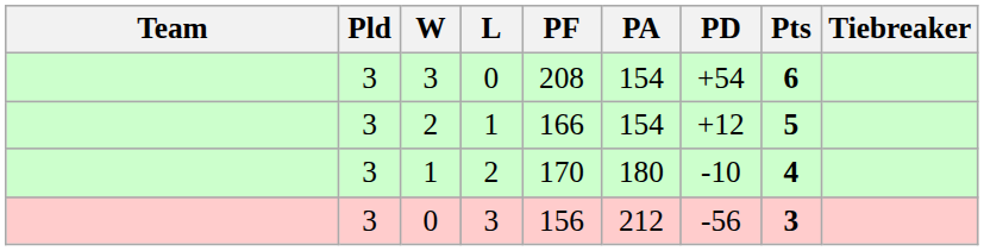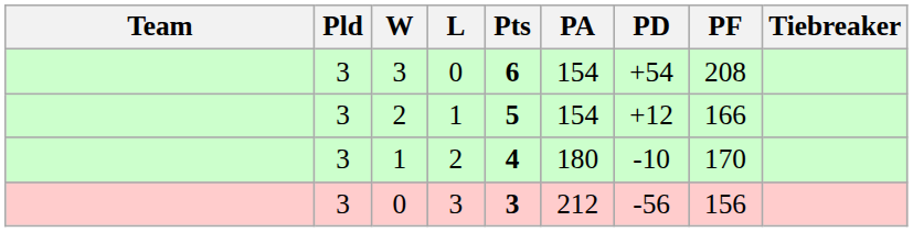 <table class="wikitable" style="text-align:center;">
 <tr>
 <th width=170>Team</th>
 <th width=25>Pld</th>
 <th width=25>W</th>
 <th width=25>L</th>
-<th width=35>PF</th>
+<th width=25>Pts</th>
 <th width=35>PA</th>
 <th width=35>PD</th>
-<th width=25>Pts</th>
+<th width=35>PF</th>
 <th width=50>Tiebreaker</th>
 </tr>
 <tr bgcolor=ccffcc>
 <td align="left"></td>
 <td>3</td>
 <td>3</td>
 <td>0</td>
-<td>208</td>
+<td><strong>6</strong></td>
 <td>154</td>
 <td>+54</td>
-<td><strong>6</strong></td>
+<td>208</td>
 <td></td>
 </tr>
 <tr bgcolor=ccffcc>
 <td align="left"></td>
 <td>3</td>
 <td>2</td>
 <td>1</td>
-<td>166</td>
+<td><strong>5</strong></td>
 <td>154</td>
 <td>+12</td>
-<td><strong>5</strong></td>
+<td>166</td>
 <td></td>
 </tr>
 <tr bgcolor=ccffcc>
 <td align="left"></td>
 <td>3</td>
 <td>1</td>
 <td>2</td>
-<td>170</td>
+<td><strong>4</strong></td>
 <td>180</td>
 <td>-10</td>
-<td><strong>4</strong></td>
+<td>170</td>
 <td></td>
 </tr>
 <tr bgcolor=ffcccc>
 <td align="left"></td>
 <td>3</td>
 <td>0</td>
 <td>3</td>
-<td>156</td>
+<td><strong>3</strong></td>
 <td>212</td>
 <td>-56</td>
-<td><strong>3</strong></td>
+<td>156</td>
 <td></td>
 </tr>
 </table>
